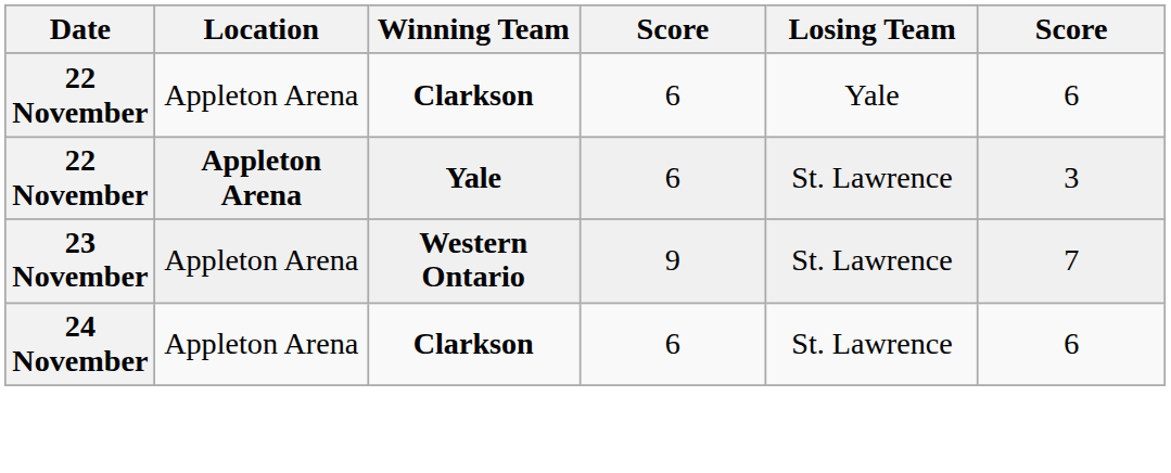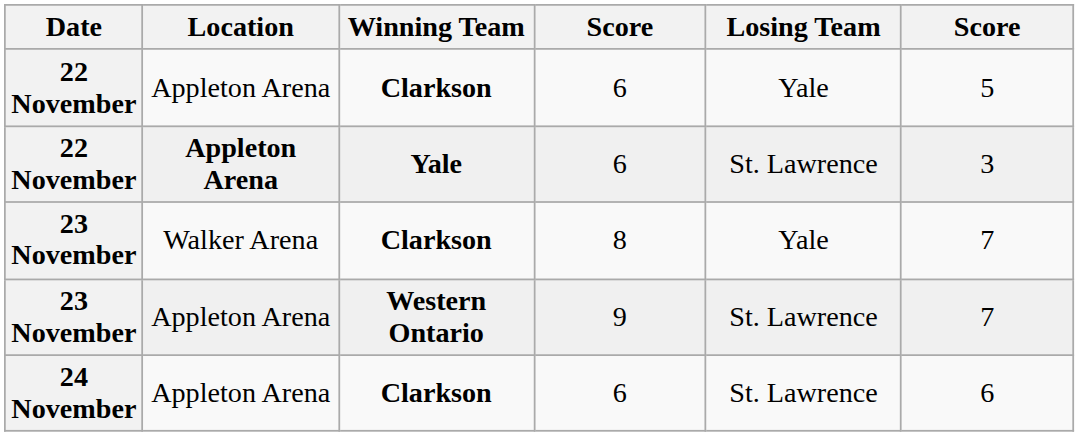 <table class="wikitable" style="text-align:center" cellpadding=2 cellspacing=2>
 <tr>
 <th>Date</th>
 <th scope="col" width="150">Location</th>
 <th scope="col" width="150">Winning Team</th>
 <th scope="col" width="150">Score</th>
 <th scope="col" width="150">Losing Team</th>
 <th scope="col" width="150">Score</th>
 </tr>
 <tr>
 <th>22 November</th>
 <td>Appleton Arena</td>
 <td><strong>Clarkson</strong></td>
 <td>6</td>
 <td>Yale</td>
-<td>6</td>
+<td>5</td>
 </tr>
 <tr bgcolor=f0f0f0>
 <th>22 November</th>
 <td><strong>Appleton Arena</strong></td>
 <td><strong>Yale</strong></td>
 <td>6</td>
 <td>St. Lawrence</td>
 <td>3</td>
+</tr>
+<tr>
+<th>23 November</th>
+<td>Walker Arena</td>
+<td><strong>Clarkson</strong></td>
+<td>8</td>
+<td>Yale</td>
+<td>7</td>
 </tr>
 <tr bgcolor=f0f0f0>
 <th>23 November</th>
 <td>Appleton Arena</td>
 <td><strong>Western Ontario</strong></td>
 <td>9</td>
 <td>St. Lawrence</td>
 <td>7</td>
 </tr>
 <tr>
 <th>24 November</th>
 <td>Appleton Arena</td>
 <td><strong>Clarkson</strong></td>
 <td>6</td>
 <td>St. Lawrence</td>
 <td>6</td>
 </tr>
 </table>
